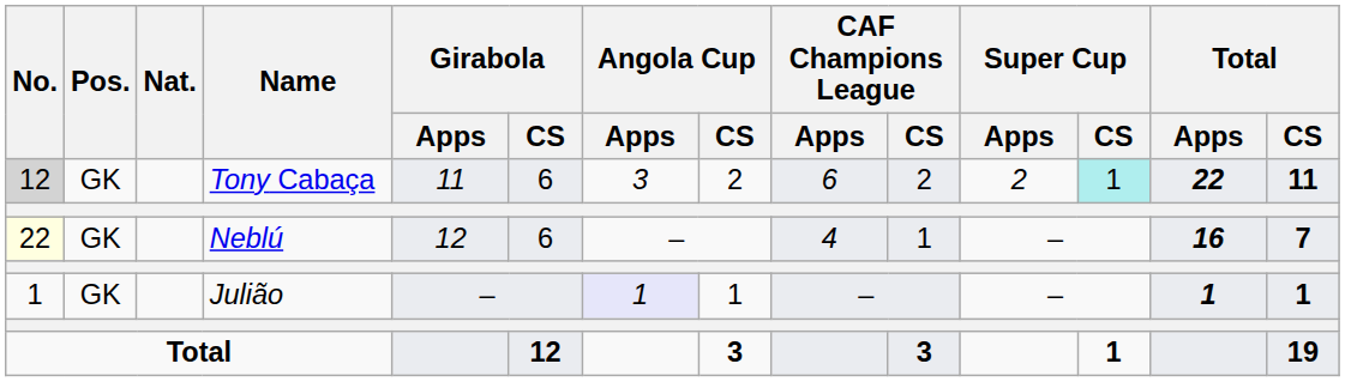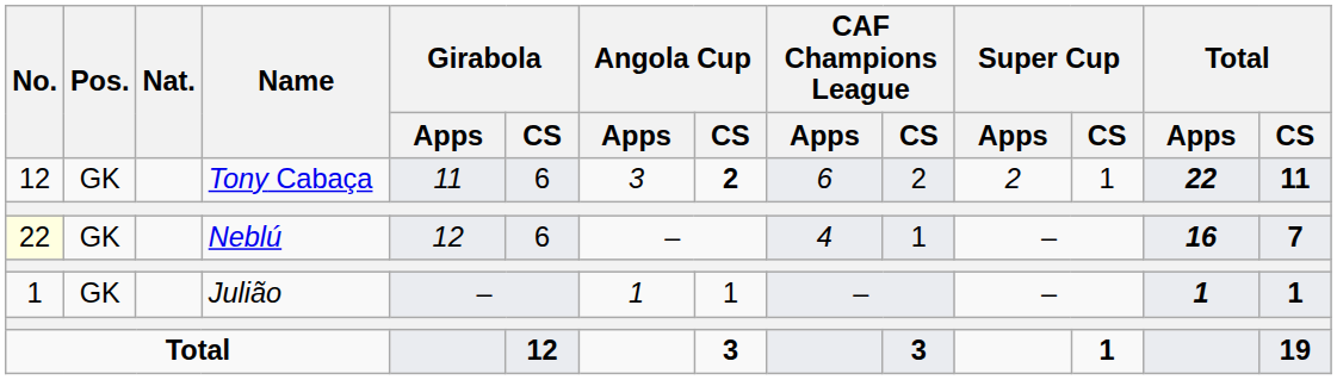 <table class="wikitable sortable" style="text-align:center">
 <tr>
 <th style="text-align:center;" rowspan="2">No.</th>
 <th style="text-align:center;" rowspan="2">Pos.</th>
 <th style="text-align:center;" rowspan="2">Nat.</th>
 <th style="text-align:center; width:100px;" rowspan="2">Name</th>
 <th style="text-align:center; width:100px;" colspan="2">Girabola</th>
 <th style="text-align:center; width:100px;" colspan="2">Angola Cup</th>
 <th style="text-align:center; width:100px;" colspan="2">CAF Champions League</th>
 <th style="text-align:center; width:100px;" colspan="2">Super Cup</th>
 <th style="text-align:center; width:100px;" colspan="2">Total</th>
 </tr>
 <tr>
 <th style="text-align:center;">Apps</th>
 <th style="text-align:center;">CS</th>
 <th style="text-align:center;">Apps</th>
 <th style="text-align:center;">CS</th>
 <th style="text-align:center;">Apps</th>
 <th style="text-align:center;">CS</th>
 <th style="text-align:center;">Apps</th>
 <th style="text-align:center;">CS</th>
 <th style="text-align:center;">Apps</th>
 <th style="text-align:center;">CS</th>
 </tr>
 <tr>
-<td style="background: lightgrey;">12</td>
+<td>12</td>
 <td>GK</td>
 <td></td>
 <td align=left><a href='#'><em>Tony</em> Cabaça</a></td>
 <td style="background:#eaecf0;"><em>11</em></td>
 <td style="background:#eaecf0;">6</td>
 <td><em>3</em></td>
-<td>2</td>
+<td><strong>2</strong></td>
 <td style="background:#eaecf0;"><em>6</em></td>
 <td style="background:#eaecf0;">2</td>
 <td><em>2</em></td>
-<td style="background: paleturquoise;">1</td>
+<td>1</td>
 <td style="background:#eaecf0;"><strong><em>22</em></strong></td>
 <td style="background:#eaecf0;"><strong>11</strong></td>
 </tr>
 <tr>
 <th colspan=14></th>
 </tr>
 <tr>
 <td style="background: lightyellow;">22</td>
 <td>GK</td>
 <td></td>
 <td align=left><em><a href='#'>Neblú</a></em></td>
 <td style="background:#eaecf0;"><em>12</em></td>
 <td style="background:#eaecf0;">6</td>
 <td colspan=2>–</td>
 <td style="background:#eaecf0;"><em>4</em></td>
 <td style="background:#eaecf0;">1</td>
 <td colspan=2>–</td>
 <td style="background:#eaecf0;"><strong><em>16</em></strong></td>
 <td style="background:#eaecf0;"><strong>7</strong></td>
 </tr>
 <tr>
 <th colspan=14></th>
 </tr>
 <tr>
 <td>1</td>
 <td>GK</td>
 <td></td>
 <td align=left><em>Julião</em></td>
 <td colspan=2 style="background:#eaecf0;">–</td>
-<td style="background: lavender;"><em>1</em></td>
+<td><em>1</em></td>
 <td>1</td>
 <td colspan=2 style="background:#eaecf0;">–</td>
 <td colspan=2>–</td>
 <td style="background:#eaecf0;"><strong><em>1</em></strong></td>
 <td style="background:#eaecf0;"><strong>1</strong></td>
 </tr>
 <tr>
 <th colspan=14></th>
 </tr>
 <tr>
 <td colspan=4><strong>Total</strong></td>
 <td style="background:#eaecf0;"></td>
 <td style="background:#eaecf0;"><strong>12</strong></td>
 <td></td>
 <td><strong>3</strong></td>
 <td style="background:#eaecf0;"></td>
 <td style="background:#eaecf0;"><strong>3</strong></td>
 <td></td>
 <td><strong>1</strong></td>
 <td style="background:#eaecf0;"></td>
 <td style="background:#eaecf0;"><strong>19</strong></td>
 </tr>
 </table>
